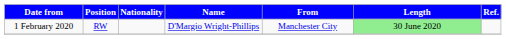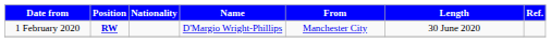 <table class="wikitable"  style="text-align:center; font-size:90%; ">
 <tr>
 <th style="background:#0000FF; color:white; width:120px;">Date from</th>
 <th style="background:#0000FF; color:white; width:50px;">Position</th>
 <th style="background:#0000FF; color:white; width:50px;">Nationality</th>
 <th style="background:#0000FF; color:white; width:150px;">Name</th>
 <th style="background:#0000FF; color:white; width:140px;">From</th>
 <th style="background:#0000FF; color:white; width:200px;">Length</th>
 <th style="background:#0000FF; color:white; width:25px;">Ref.</th>
 </tr>
 <tr>
 <td>1 February 2020</td>
-<td><a href='#'>RW</a></td>
+<td><strong><a href='#'>RW</a></strong></td>
 <td></td>
 <td><a href='#'>D'Margio Wright-Phillips</a></td>
 <td> <a href='#'>Manchester City</a></td>
-<td style="background: lightgreen;">30 June 2020</td>
+<td>30 June 2020</td>
 <td></td>
 </tr>
 <tr>
 </tr>
 </table>
